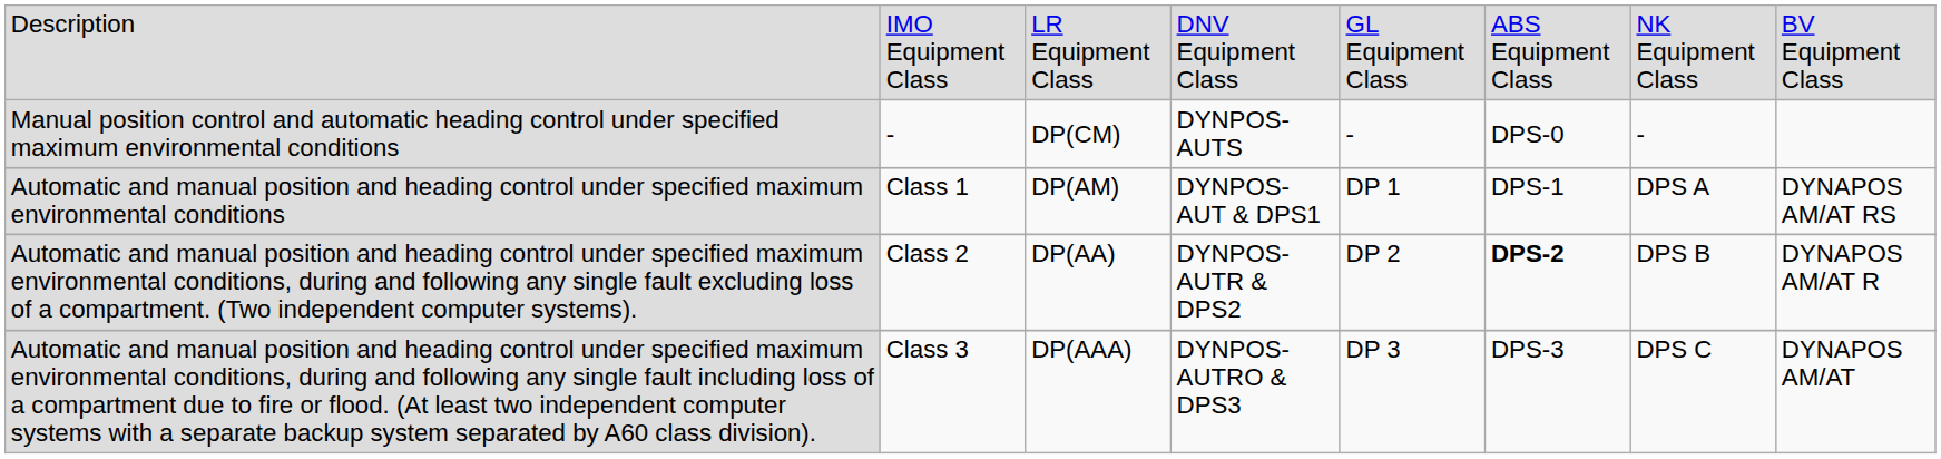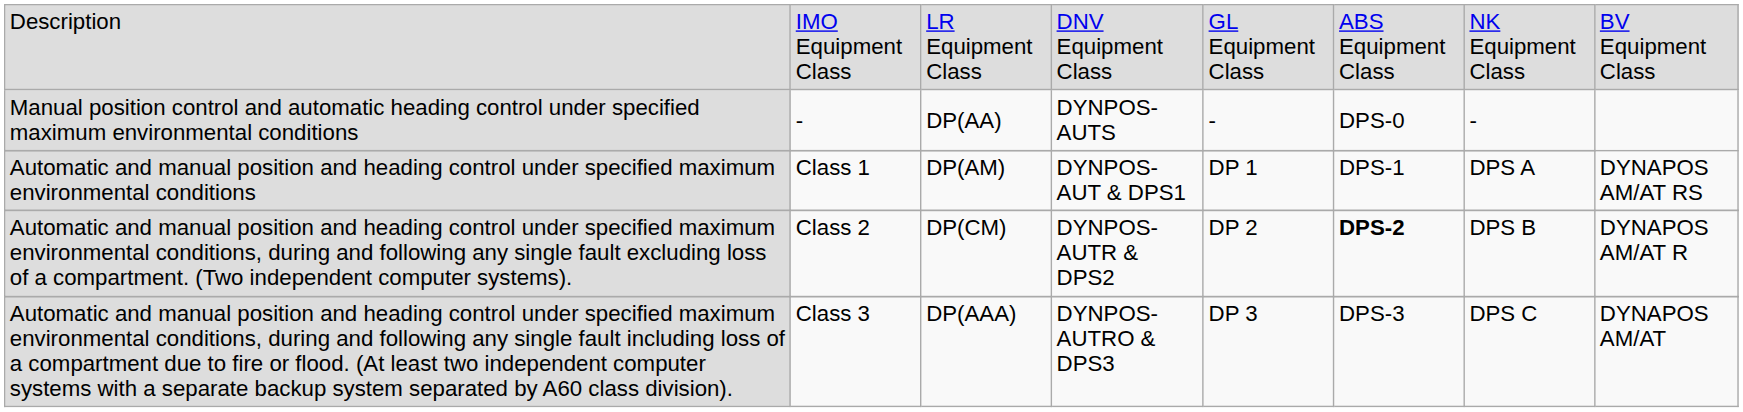 <table class="wikitable">
 <tr valign="top">
 <td style="background:#DDDDDD">Description</td>
 <td style="background:#DDDDDD"><a href='#'>IMO</a><br>Equipment Class</td>
 <td style="background:#DDDDDD"><a href='#'>LR</a><br>Equipment Class</td>
 <td style="background:#DDDDDD"><a href='#'>DNV</a><br>Equipment Class</td>
 <td style="background:#DDDDDD"><a href='#'>GL</a><br>Equipment Class</td>
 <td style="background:#DDDDDD"><a href='#'>ABS</a><br>Equipment Class</td>
 <td style="background:#DDDDDD"><a href='#'>NK</a><br>Equipment Class</td>
 <td style="background:#DDDDDD"><a href='#'>BV</a><br>Equipment Class</td>
 </tr>
 <tr>
 <td style="background:#DDDDDD">Manual position control and automatic heading control under specified maximum environmental conditions</td>
 <td>-</td>
-<td>DP(CM)</td>
+<td>DP(AA)</td>
 <td>DYNPOS-AUTS</td>
 <td>-</td>
 <td>DPS-0</td>
 <td>-</td>
 </tr>
 <tr>
 </tr>
 <tr valign="top">
 <td style="background:#DDDDDD">Automatic and manual position and heading control under specified maximum environmental conditions</td>
 <td>Class 1</td>
 <td>DP(AM)</td>
 <td>DYNPOS-AUT & DPS1</td>
 <td>DP 1</td>
 <td>DPS-1</td>
 <td>DPS A</td>
 <td>DYNAPOS AM/AT RS</td>
 </tr>
 <tr>
 </tr>
 <tr valign="top">
 <td style="background:#DDDDDD">Automatic and manual position and heading control under specified maximum environmental conditions, during and following any single fault excluding loss of a compartment. (Two independent computer systems).</td>
 <td>Class 2</td>
-<td>DP(AA)</td>
+<td>DP(CM)</td>
 <td>DYNPOS-AUTR & DPS2</td>
 <td>DP 2</td>
 <td><strong>DPS-2</strong></td>
 <td>DPS B</td>
 <td>DYNAPOS AM/AT R</td>
 </tr>
 <tr>
 </tr>
 <tr valign="top">
 <td style="background:#DDDDDD">Automatic and manual position and heading control under specified maximum environmental conditions, during and following any single fault including loss of a compartment due to fire or flood. (At least two independent computer systems with a separate backup system separated by A60 class division).</td>
 <td>Class 3</td>
 <td>DP(AAA)</td>
 <td>DYNPOS-AUTRO & DPS3</td>
 <td>DP 3</td>
 <td>DPS-3</td>
 <td>DPS C</td>
 <td>DYNAPOS AM/AT</td>
 </tr>
 </table>
